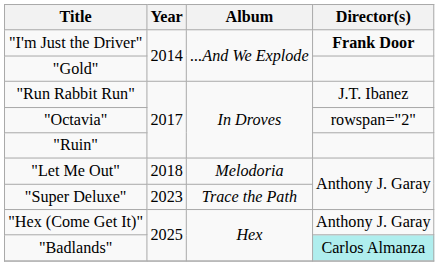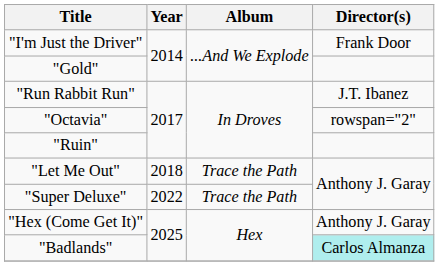 <table class="wikitable plainrowheaders" style="text-align:center;">
 <tr>
 <th scope="col">Title</th>
 <th scope="col">Year</th>
 <th scope="col">Album</th>
 <th scope="col">Director(s)</th>
 </tr>
 <tr>
 <td>"I'm Just the Driver"</td>
 <td rowspan="2">2014</td>
 <td rowspan="2"><em>...And We Explode</em></td>
-<td><strong>Frank Door</strong></td>
+<td>Frank Door</td>
 </tr>
 <tr>
 <td>"Gold"</td>
 <td></td>
 </tr>
 <tr>
 <td>"Run Rabbit Run"</td>
 <td rowspan="3">2017</td>
 <td rowspan="3"><em>In Droves</em></td>
 <td>J.T. Ibanez</td>
 </tr>
 <tr>
 <td>"Octavia"</td>
 <td>rowspan="2" </td>
 </tr>
 <tr>
 <td>"Ruin"</td>
 </tr>
 <tr>
 <td>"Let Me Out"</td>
 <td>2018</td>
-<td><em>Melodoria</em></td>
+<td><em>Trace the Path</em></td>
 <td rowspan="2">Anthony J. Garay</td>
 </tr>
 <tr>
 <td>"Super Deluxe"</td>
-<td>2023</td>
+<td>2022</td>
 <td><em>Trace the Path</em></td>
 </tr>
 <tr>
 <td>"Hex (Come Get It)"</td>
 <td rowspan="2">2025</td>
 <td rowspan="2"><em>Hex</em></td>
 <td>Anthony J. Garay</td>
 </tr>
 <tr>
 <td>"Badlands"</td>
 <td style="background: paleturquoise;">Carlos Almanza</td>
 </tr>
 <tr>
 </tr>
 </table>
